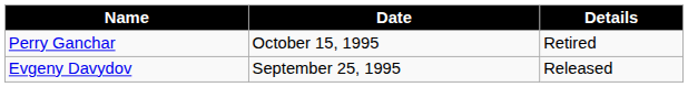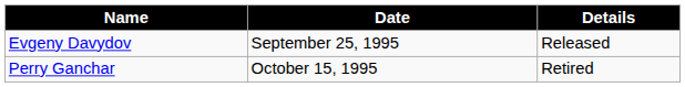 <table class="wikitable" style="width:75%;">
 <tr style="text-align:center; background:#ddd;">
 <th style="color:white; background:#000000; ">Name</th>
 <th style="color:white; background:#000000; ">Date</th>
 <th style="color:white; background:#000000; ">Details</th>
 </tr>
 <tr>
+<td><a href='#'>Evgeny Davydov</a></td>
+<td>September 25, 1995</td>
+<td>Released</td>
+</tr>
+<tr>
 <td><a href='#'>Perry Ganchar</a></td>
 <td>October 15, 1995</td>
 <td>Retired</td>
 </tr>
-<tr>
-<td><a href='#'>Evgeny Davydov</a></td>
-<td>September 25, 1995</td>
-<td>Released</td>
-</tr>
 </table>
